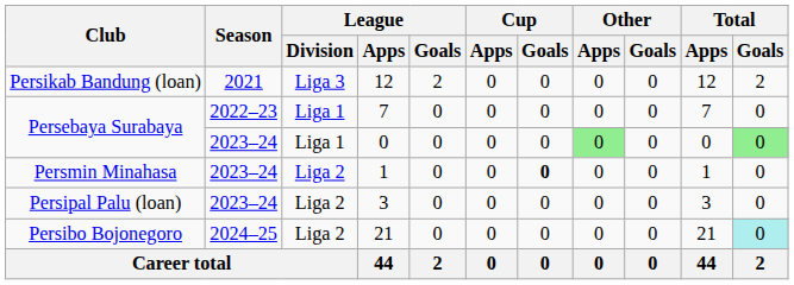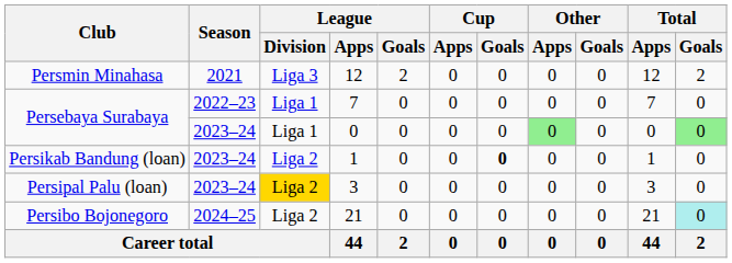 <table class="wikitable" style="text-align: center">
 <tr>
 <th rowspan="2">Club</th>
 <th rowspan="2">Season</th>
 <th colspan="3">League</th>
 <th colspan="2">Cup</th>
 <th colspan="2">Other</th>
 <th colspan="2">Total</th>
 </tr>
 <tr>
 <th>Division</th>
 <th>Apps</th>
 <th>Goals</th>
 <th>Apps</th>
 <th>Goals</th>
 <th>Apps</th>
 <th>Goals</th>
 <th>Apps</th>
 <th>Goals</th>
 </tr>
 <tr>
-<td rowspan="1"><a href='#'>Persikab Bandung</a> (loan)</td>
+<td rowspan="1"><a href='#'>Persmin Minahasa</a></td>
 <td><a href='#'>2021</a></td>
 <td rowspan="1" valign="center"><a href='#'>Liga 3</a></td>
 <td>12</td>
 <td>2</td>
 <td>0</td>
 <td>0</td>
 <td>0</td>
 <td>0</td>
 <td>12</td>
 <td>2</td>
 </tr>
 <tr>
 <td rowspan="2"><a href='#'>Persebaya Surabaya</a></td>
 <td><a href='#'>2022–23</a></td>
 <td rowspan="1" valign="center"><a href='#'>Liga 1</a></td>
 <td>7</td>
 <td>0</td>
 <td>0</td>
 <td>0</td>
 <td>0</td>
 <td>0</td>
 <td>7</td>
 <td>0</td>
 </tr>
 <tr>
 <td><a href='#'>2023–24</a></td>
 <td rowspan="1" valign="center">Liga 1</td>
 <td>0</td>
 <td>0</td>
 <td>0</td>
 <td>0</td>
 <td style="background: lightgreen;">0</td>
 <td>0</td>
 <td>0</td>
 <td style="background: lightgreen;">0</td>
 </tr>
 <tr>
-<td rowspan="1"><a href='#'>Persmin Minahasa</a></td>
+<td rowspan="1"><a href='#'>Persikab Bandung</a> (loan)</td>
 <td><a href='#'>2023–24</a></td>
 <td rowspan="1" valign="center"><a href='#'>Liga 2</a></td>
 <td>1</td>
 <td>0</td>
 <td>0</td>
 <td><strong>0</strong></td>
 <td>0</td>
 <td>0</td>
 <td>1</td>
 <td>0</td>
 </tr>
 <tr>
 <td rowspan="1"><a href='#'>Persipal Palu</a> (loan)</td>
 <td><a href='#'>2023–24</a></td>
-<td rowspan="1" valign="center">Liga 2</td>
+<td rowspan="1" valign="center" style="background: gold;">Liga 2</td>
 <td>3</td>
 <td>0</td>
 <td>0</td>
 <td>0</td>
 <td>0</td>
 <td>0</td>
 <td>3</td>
 <td>0</td>
 </tr>
 <tr>
 <td rowspan="1"><a href='#'>Persibo Bojonegoro</a></td>
 <td><a href='#'>2024–25</a></td>
 <td rowspan="1" valign="center">Liga 2</td>
 <td>21</td>
 <td>0</td>
 <td>0</td>
 <td>0</td>
 <td>0</td>
 <td>0</td>
 <td>21</td>
 <td style="background: paleturquoise;">0</td>
 </tr>
 <tr>
 <th colspan=3>Career total</th>
 <th>44</th>
 <th>2</th>
 <th>0</th>
 <th>0</th>
 <th>0</th>
 <th>0</th>
 <th>44</th>
 <th>2</th>
 </tr>
 </table>
